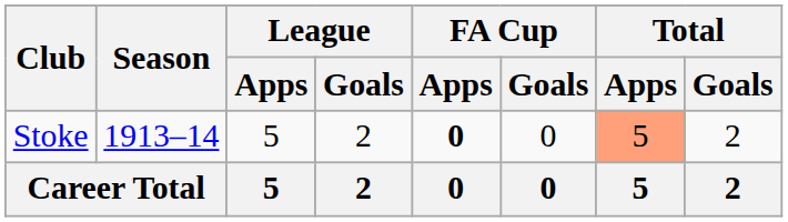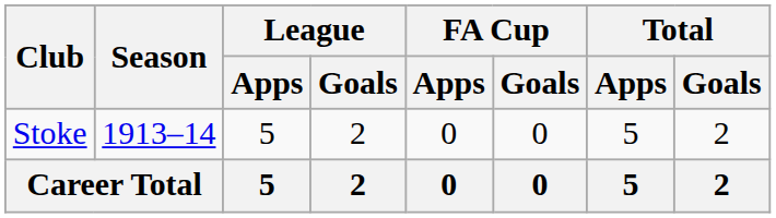 <table class="wikitable" style="text-align: center;">
 <tr>
 <th rowspan="2">Club</th>
 <th rowspan="2">Season</th>
 <th colspan="2">League</th>
 <th colspan="2">FA Cup</th>
 <th colspan="2">Total</th>
 </tr>
 <tr>
 <th>Apps</th>
 <th>Goals</th>
 <th>Apps</th>
 <th>Goals</th>
 <th>Apps</th>
 <th>Goals</th>
 </tr>
 <tr>
 <td><a href='#'>Stoke</a></td>
 <td><a href='#'>1913–14</a></td>
 <td>5</td>
 <td>2</td>
-<td><strong>0</strong></td>
 <td>0</td>
-<td style="background: lightsalmon;">5</td>
+<td>0</td>
+<td>5</td>
 <td>2</td>
 </tr>
 <tr>
 <th colspan="2">Career Total</th>
 <th>5</th>
 <th>2</th>
 <th>0</th>
 <th>0</th>
 <th>5</th>
 <th>2</th>
 </tr>
 </table>
